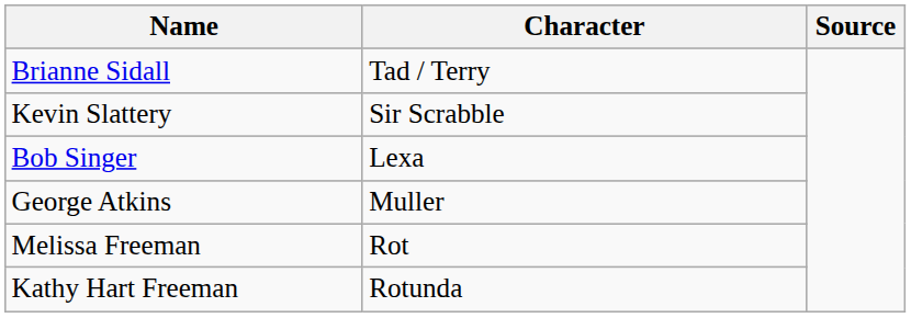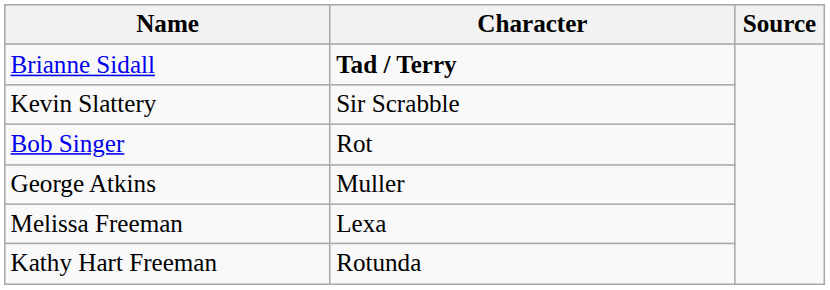 <table class="wikitable">
 <tr>
 <th style="width:200px;">Name</th>
 <th style="width:250px;">Character</th>
 <th style="width:50px;">Source</th>
 </tr>
 <tr>
 <td><a href='#'>Brianne Sidall</a></td>
-<td>Tad / Terry</td>
+<td><strong>Tad / Terry</strong></td>
 <td rowspan=6></td>
 </tr>
 <tr>
 <td>Kevin Slattery</td>
 <td>Sir Scrabble</td>
 </tr>
 <tr>
 <td><a href='#'>Bob Singer</a></td>
-<td>Lexa</td>
+<td>Rot</td>
 </tr>
 <tr>
 <td>George Atkins</td>
 <td>Muller</td>
 </tr>
 <tr>
 <td>Melissa Freeman</td>
-<td>Rot</td>
+<td>Lexa</td>
 </tr>
 <tr>
 <td>Kathy Hart Freeman</td>
 <td>Rotunda</td>
 </tr>
 </table>
